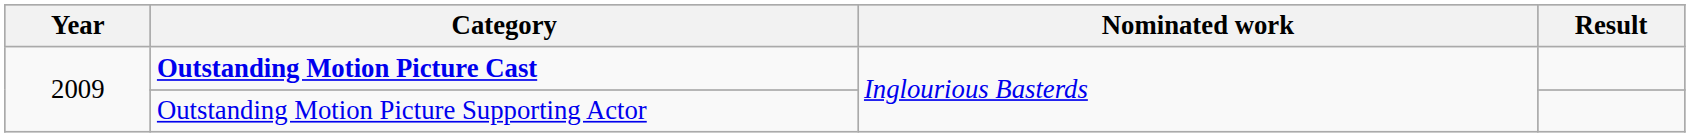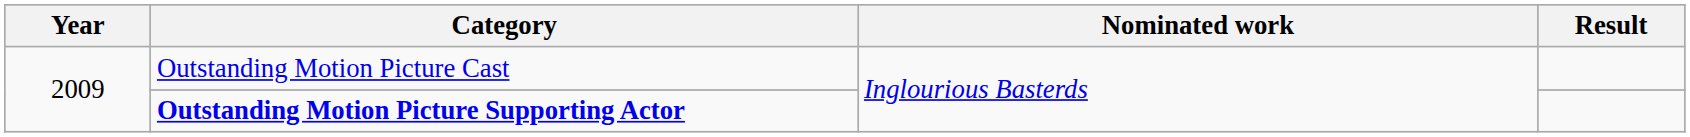 <table class=wikitable>
 <tr>
 <th scope="col" style="width:5em;">Year</th>
 <th scope="col" style="width:26em;">Category</th>
 <th scope="col" style="width:25em;">Nominated work</th>
 <th scope="col" style="width:5em;">Result</th>
 </tr>
 <tr>
 <td style="text-align:center;", rowspan="2">2009</td>
-<td><strong><a href='#'>Outstanding Motion Picture Cast</a></strong></td>
+<td><a href='#'>Outstanding Motion Picture Cast</a></td>
 <td rowspan=2><em><a href='#'>Inglourious Basterds</a></em></td>
 <td></td>
 </tr>
 <tr>
-<td><a href='#'>Outstanding Motion Picture Supporting Actor</a></td>
+<td><strong><a href='#'>Outstanding Motion Picture Supporting Actor</a></strong></td>
 <td></td>
 </tr>
 </table>
